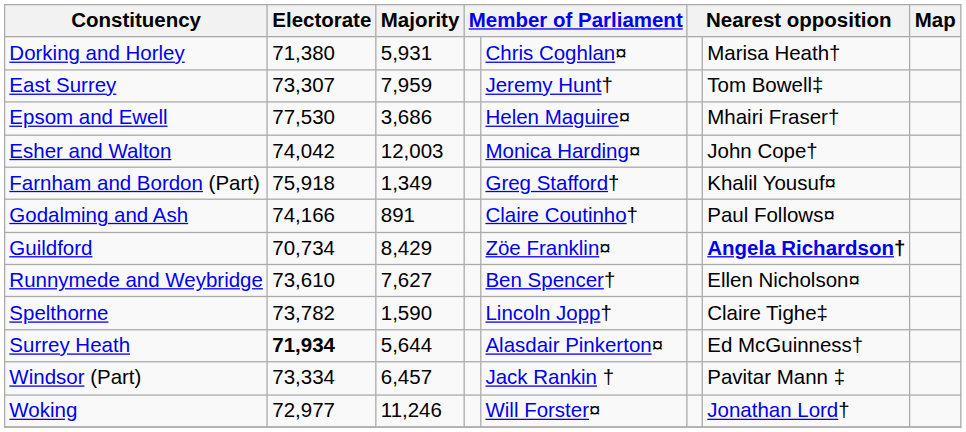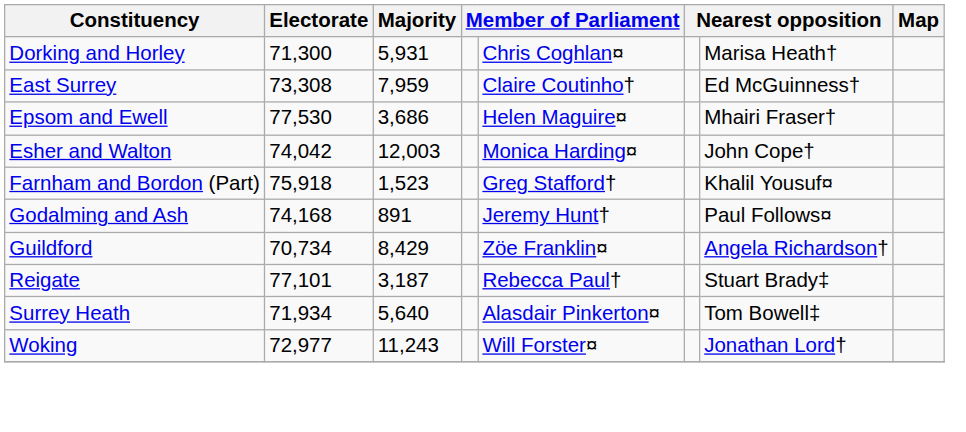 <table class="wikitable sortable">
 <tr>
 <th rowspan=1>Constituency</th>
 <th rowspan=1>Electorate</th>
 <th rowspan=1>Majority</th>
 <th colspan=2 class=unsortable><a href='#'>Member of Parliament</a></th>
 <th colspan=2 class=unsortable>Nearest opposition<br></th>
 <th rowspan=1 class=unsortable>Map</th>
 </tr>
 <tr>
 <td><a href='#'>Dorking and Horley</a></td>
-<td>71,380</td>
+<td>71,300</td>
 <td>5,931</td>
 <td style="color:inherit;background:"> </td>
 <td><a href='#'>Chris Coghlan</a>¤</td>
 <td style="color:inherit;background:"> </td>
 <td>Marisa Heath†</td>
 <td></td>
 </tr>
 <tr>
 <td><a href='#'>East Surrey</a></td>
-<td>73,307</td>
+<td>73,308</td>
 <td>7,959</td>
 <td style="color:inherit;background:"> </td>
-<td><a href='#'>Jeremy Hunt</a>†</td>
+<td><a href='#'>Claire Coutinho</a>†</td>
 <td style="color:inherit;background:"> </td>
-<td>Tom Bowell‡</td>
+<td>Ed McGuinness†</td>
 <td></td>
 </tr>
 <tr>
 <td><a href='#'>Epsom and Ewell</a></td>
 <td>77,530</td>
 <td>3,686</td>
 <td style="color:inherit;background:"> </td>
 <td><a href='#'>Helen Maguire</a>¤</td>
 <td style="color:inherit;background:"> </td>
 <td>Mhairi Fraser†</td>
 <td></td>
 </tr>
 <tr>
 <td><a href='#'>Esher and Walton</a></td>
 <td>74,042</td>
 <td>12,003</td>
 <td style="color:inherit;background:"> </td>
 <td><a href='#'>Monica Harding</a>¤</td>
 <td style="color:inherit;background:"> </td>
 <td>John Cope†</td>
 <td></td>
 </tr>
 <tr>
 <td><a href='#'>Farnham and Bordon</a> (Part)</td>
 <td>75,918</td>
-<td>1,349</td>
+<td>1,523</td>
 <td style="color:inherit;background:"> </td>
 <td><a href='#'>Greg Stafford</a>†</td>
 <td style="color:inherit;background:"> </td>
 <td>Khalil Yousuf¤</td>
 <td></td>
 </tr>
 <tr>
 <td><a href='#'>Godalming and Ash</a></td>
-<td>74,166</td>
+<td>74,168</td>
 <td>891</td>
 <td style="color:inherit;background:"> </td>
-<td><a href='#'>Claire Coutinho</a>†</td>
+<td><a href='#'>Jeremy Hunt</a>†</td>
 <td style="color:inherit;background:"></td>
 <td>Paul Follows¤</td>
 <td></td>
 </tr>
 <tr>
 <td><a href='#'>Guildford</a></td>
 <td>70,734</td>
 <td>8,429</td>
 <td style="color:inherit;background:"> </td>
 <td><a href='#'>Zöe Franklin</a>¤</td>
 <td style="color:inherit;background:"> </td>
-<td><strong><a href='#'>Angela Richardson</a>†</strong></td>
+<td><a href='#'>Angela Richardson</a>†</td>
 <td></td>
 </tr>
 <tr>
-<td><a href='#'>Runnymede and Weybridge</a></td>
-<td>73,610</td>
-<td>7,627</td>
+<td><a href='#'>Reigate</a></td>
+<td>77,101</td>
+<td>3,187</td>
 <td style="color:inherit;background:"> </td>
-<td><a href='#'>Ben Spencer</a>†</td>
+<td><a href='#'>Rebecca Paul</a>†</td>
 <td style="color:inherit;background:"> </td>
-<td>Ellen Nicholson¤</td>
-<td></td>
-</tr>
-<tr>
-<td><a href='#'>Spelthorne</a></td>
-<td>73,782</td>
-<td>1,590</td>
-<td style="color:inherit;background:"> </td>
-<td><a href='#'>Lincoln Jopp</a>†</td>
-<td style="color:inherit;background:"> </td>
-<td>Claire Tighe‡</td>
+<td>Stuart Brady‡</td>
 <td></td>
 </tr>
 <tr>
 <td><a href='#'>Surrey Heath</a></td>
-<td><strong>71,934</strong></td>
-<td>5,644</td>
+<td>71,934</td>
+<td>5,640</td>
 <td style="color:inherit;background:"> </td>
 <td><a href='#'>Alasdair Pinkerton</a>¤</td>
 <td style="color:inherit;background:"> </td>
-<td>Ed McGuinness†</td>
-<td></td>
-</tr>
-<tr>
-<td><a href='#'>Windsor</a> (Part)</td>
-<td>73,334</td>
-<td>6,457</td>
-<td style="color:inherit;background:"> </td>
-<td><a href='#'>Jack Rankin</a> †</td>
-<td style="color:inherit;background:"> </td>
-<td>Pavitar Mann ‡</td>
+<td>Tom Bowell‡</td>
 <td></td>
 </tr>
 <tr>
 <td><a href='#'>Woking</a></td>
 <td>72,977</td>
-<td>11,246</td>
+<td>11,243</td>
 <td style="color:inherit;background:"> </td>
 <td><a href='#'>Will Forster</a>¤</td>
 <td style="color:inherit;background:"> </td>
 <td><a href='#'>Jonathan Lord</a>†</td>
 <td></td>
 </tr>
 <tr>
 </tr>
 </table>
